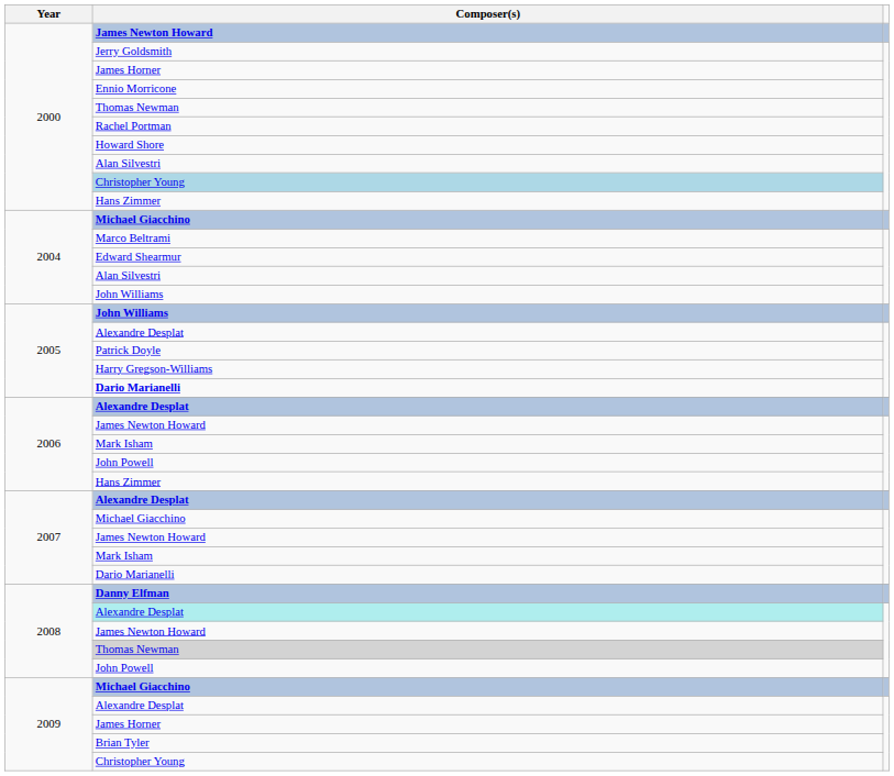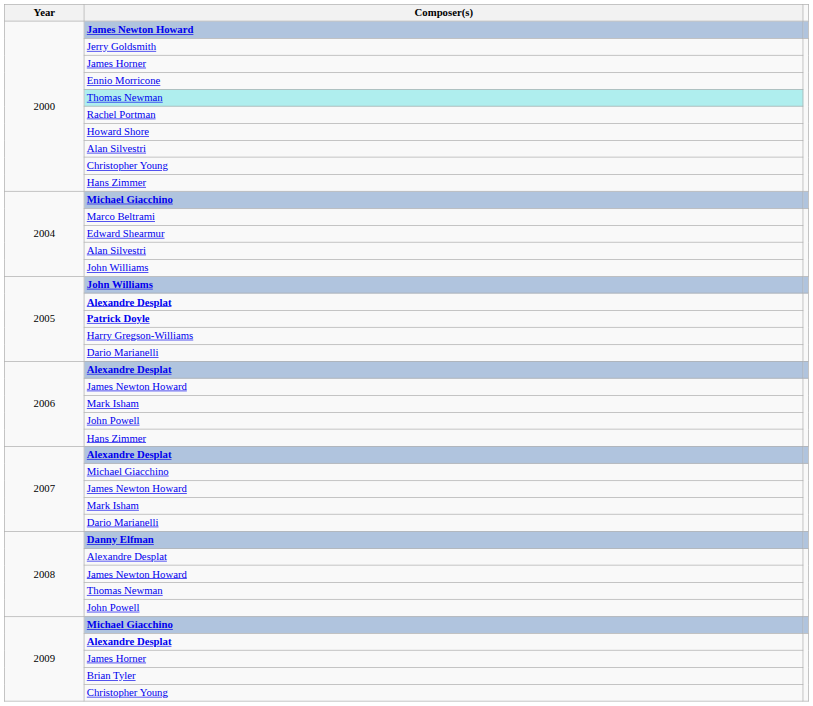 <table class="wikitable" width="95%" cellpadding="5">
 <tr>
 <th width="10%">Year</th>
 <th width="90%">Composer(s)</th>
 </tr>
 <tr>
 <td rowspan="10" style="text-align:center;">2000<br></td>
 <td style="background:#B0C4DE;"><strong><a href='#'>James Newton Howard</a></strong></td>
 <td style="background:#B0C4DE;"></td>
 </tr>
 <tr>
 <td><a href='#'>Jerry Goldsmith</a></td>
 </tr>
 <tr>
 <td><a href='#'>James Horner</a></td>
 </tr>
 <tr>
 <td><a href='#'>Ennio Morricone</a></td>
 </tr>
 <tr>
-<td><a href='#'>Thomas Newman</a></td>
+<td style="background: paleturquoise;"><a href='#'>Thomas Newman</a></td>
 </tr>
 <tr>
 <td><a href='#'>Rachel Portman</a></td>
 </tr>
 <tr>
 <td><a href='#'>Howard Shore</a></td>
 </tr>
 <tr>
 <td><a href='#'>Alan Silvestri</a></td>
 </tr>
 <tr>
-<td style="background: lightblue;"><a href='#'>Christopher Young</a></td>
+<td><a href='#'>Christopher Young</a></td>
 </tr>
 <tr>
 <td><a href='#'>Hans Zimmer</a></td>
 </tr>
 <tr>
 <td rowspan="5" style="text-align:center;">2004<br></td>
 <td style="background:#B0C4DE;"><strong><a href='#'>Michael Giacchino</a></strong></td>
 <td style="background:#B0C4DE;"></td>
 </tr>
 <tr>
 <td><a href='#'>Marco Beltrami</a></td>
 </tr>
 <tr>
 <td><a href='#'>Edward Shearmur</a></td>
 </tr>
 <tr>
 <td><a href='#'>Alan Silvestri</a></td>
 </tr>
 <tr>
 <td><a href='#'>John Williams</a></td>
 </tr>
 <tr>
 <td rowspan="5" style="text-align:center;">2005<br></td>
 <td style="background:#B0C4DE;"><strong><a href='#'>John Williams</a></strong></td>
 <td style="background:#B0C4DE;"></td>
 </tr>
 <tr>
-<td><a href='#'>Alexandre Desplat</a></td>
+<td><strong><a href='#'>Alexandre Desplat</a></strong></td>
 </tr>
 <tr>
-<td><a href='#'>Patrick Doyle</a></td>
+<td><strong><a href='#'>Patrick Doyle</a></strong></td>
 </tr>
 <tr>
 <td><a href='#'>Harry Gregson-Williams</a></td>
 </tr>
 <tr>
-<td><strong><a href='#'>Dario Marianelli</a></strong></td>
+<td><a href='#'>Dario Marianelli</a></td>
 </tr>
 <tr>
 <td rowspan="5" style="text-align:center;">2006<br></td>
 <td style="background:#B0C4DE;"><strong><a href='#'>Alexandre Desplat</a></strong></td>
 <td style="background:#B0C4DE;"></td>
 </tr>
 <tr>
 <td><a href='#'>James Newton Howard</a></td>
 </tr>
 <tr>
 <td><a href='#'>Mark Isham</a></td>
 </tr>
 <tr>
 <td><a href='#'>John Powell</a></td>
 </tr>
 <tr>
 <td><a href='#'>Hans Zimmer</a></td>
 </tr>
 <tr>
 <td rowspan="5" style="text-align:center;">2007<br></td>
 <td style="background:#B0C4DE;"><strong><a href='#'>Alexandre Desplat</a></strong></td>
 <td style="background:#B0C4DE;"></td>
 </tr>
 <tr>
 <td><a href='#'>Michael Giacchino</a></td>
 </tr>
 <tr>
 <td><a href='#'>James Newton Howard</a></td>
 </tr>
 <tr>
 <td><a href='#'>Mark Isham</a></td>
 </tr>
 <tr>
 <td><a href='#'>Dario Marianelli</a></td>
 </tr>
 <tr>
 <td rowspan="5" style="text-align:center;">2008<br></td>
 <td style="background:#B0C4DE;"><strong><a href='#'>Danny Elfman</a></strong></td>
 <td style="background:#B0C4DE;"></td>
 </tr>
 <tr>
-<td style="background: paleturquoise;"><a href='#'>Alexandre Desplat</a></td>
+<td><a href='#'>Alexandre Desplat</a></td>
 </tr>
 <tr>
 <td><a href='#'>James Newton Howard</a></td>
 </tr>
 <tr>
-<td style="background: lightgrey;"><a href='#'>Thomas Newman</a></td>
+<td><a href='#'>Thomas Newman</a></td>
 </tr>
 <tr>
 <td><a href='#'>John Powell</a></td>
 </tr>
 <tr>
 <td rowspan="5" style="text-align:center;">2009<br></td>
 <td style="background:#B0C4DE;"><strong><a href='#'>Michael Giacchino</a></strong></td>
 <td style="background:#B0C4DE;"></td>
 </tr>
 <tr>
-<td><a href='#'>Alexandre Desplat</a></td>
+<td><strong><a href='#'>Alexandre Desplat</a></strong></td>
 </tr>
 <tr>
 <td><a href='#'>James Horner</a></td>
 </tr>
 <tr>
 <td><a href='#'>Brian Tyler</a></td>
 </tr>
 <tr>
 <td><a href='#'>Christopher Young</a></td>
 </tr>
 </table>
